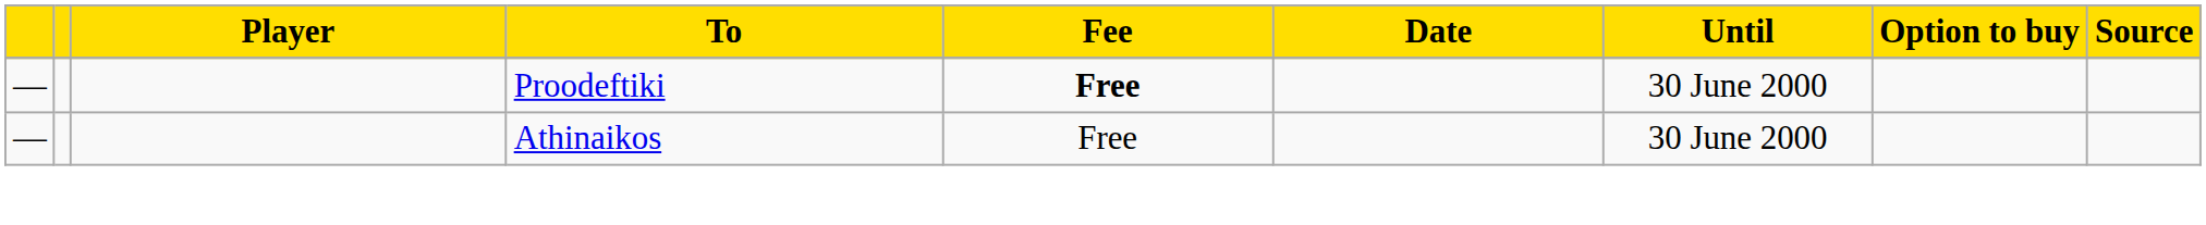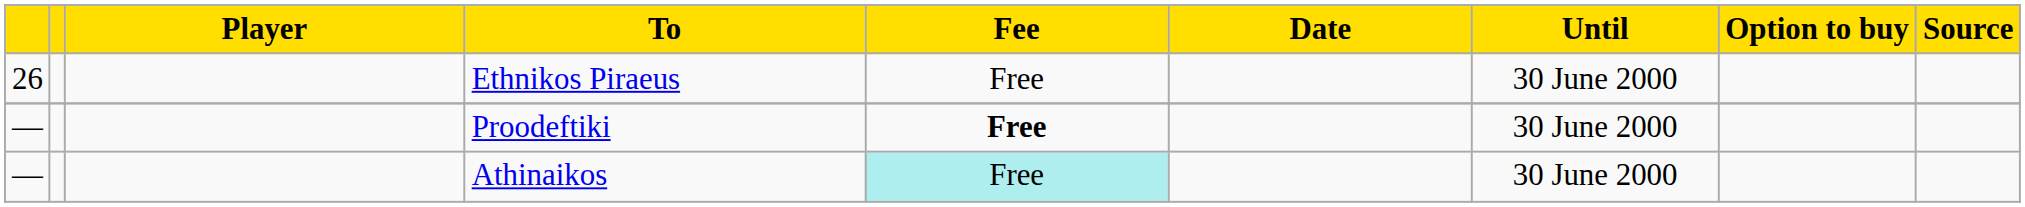 <table class="wikitable sortable">
 <tr>
 <th style="background:#FFDE00"></th>
 <th style="background:#FFDE00"></th>
 <th width=200 style="background:#FFDE00">Player</th>
 <th width=200 style="background:#FFDE00">To</th>
 <th width=150 style="background:#FFDE00">Fee</th>
 <th width=150 style="background:#FFDE00">Date</th>
 <th width=120 style="background:#FFDE00">Until</th>
 <th style="background:#FFDE00">Option to buy</th>
 <th style="background:#FFDE00">Source</th>
+</tr>
+<tr>
+<td align=center>26</td>
+<td align=center></td>
+<td></td>
+<td> <a href='#'>Ethnikos Piraeus</a></td>
+<td align=center>Free</td>
+<td align=center></td>
+<td align=center>30 June 2000</td>
+<td align=center></td>
+<td align=center></td>
 </tr>
 <tr>
 </tr>
 <tr>
 <td align=center>—</td>
 <td align=center></td>
 <td></td>
 <td> <a href='#'>Proodeftiki</a></td>
 <td align=center><strong>Free</strong></td>
 <td align=center></td>
 <td align=center>30 June 2000</td>
 <td align=center></td>
 <td align=center></td>
 </tr>
 <tr>
 <td align=center>—</td>
 <td align=center></td>
 <td></td>
 <td> <a href='#'>Athinaikos</a></td>
-<td align=center>Free</td>
+<td align=center style="background: paleturquoise;">Free</td>
 <td align=center></td>
 <td align=center>30 June 2000</td>
 <td align=center></td>
 <td align=center></td>
 </tr>
 </table>
